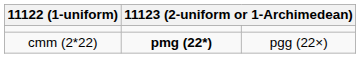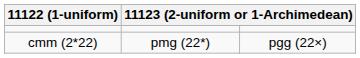 <table class=wikitable>
 <tr>
 <th>11122 (1-uniform)</th>
 <th colspan=2>11123 (2-uniform or 1-Archimedean)</th>
 </tr>
 <tr>
 <td></td>
 <td></td>
 <td></td>
 </tr>
 <tr align=center>
 <td>cmm (2*22)</td>
-<td><strong>pmg (22*)</strong></td>
+<td>pmg (22*)</td>
 <td>pgg (22×)</td>
 </tr>
 </table>
